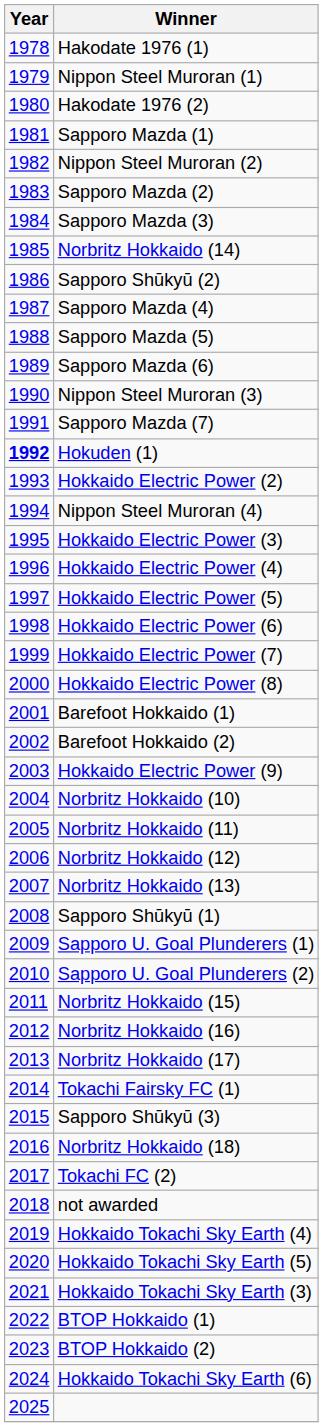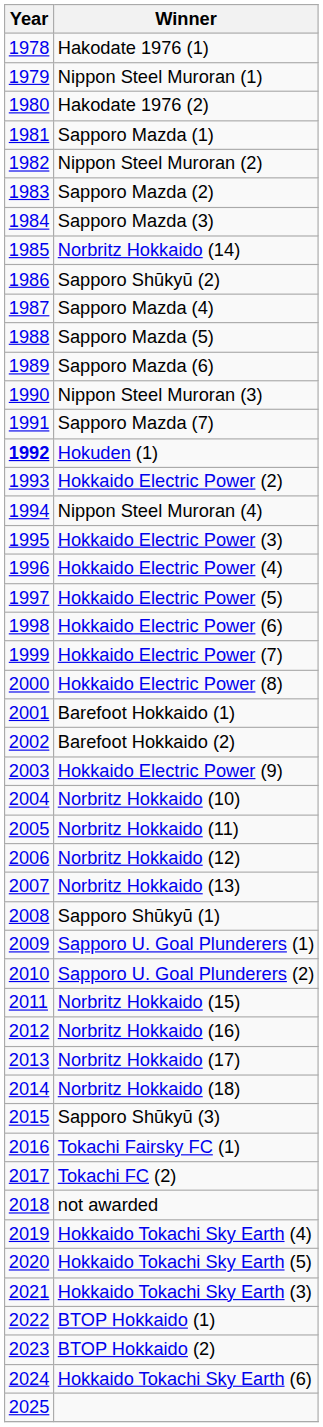 <table class="wikitable">
 <tr>
 <th>Year</th>
 <th>Winner</th>
 </tr>
 <tr>
 <td><a href='#'>1978</a></td>
 <td>Hakodate 1976 (1)</td>
 </tr>
 <tr>
 <td><a href='#'>1979</a></td>
 <td>Nippon Steel Muroran (1)</td>
 </tr>
 <tr>
 <td><a href='#'>1980</a></td>
 <td>Hakodate 1976 (2)</td>
 </tr>
 <tr>
 <td><a href='#'>1981</a></td>
 <td>Sapporo Mazda (1)</td>
 </tr>
 <tr>
 <td><a href='#'>1982</a></td>
 <td>Nippon Steel Muroran (2)</td>
 </tr>
 <tr>
 <td><a href='#'>1983</a></td>
 <td>Sapporo Mazda (2)</td>
 </tr>
 <tr>
 <td><a href='#'>1984</a></td>
 <td>Sapporo Mazda (3)</td>
 </tr>
 <tr>
 <td><a href='#'>1985</a></td>
 <td><a href='#'>Norbritz Hokkaido</a> (14)</td>
 </tr>
 <tr>
 <td><a href='#'>1986</a></td>
 <td>Sapporo Shūkyū (2)</td>
 </tr>
 <tr>
 <td><a href='#'>1987</a></td>
 <td>Sapporo Mazda (4)</td>
 </tr>
 <tr>
 <td><a href='#'>1988</a></td>
 <td>Sapporo Mazda (5)</td>
 </tr>
 <tr>
 <td><a href='#'>1989</a></td>
 <td>Sapporo Mazda (6)</td>
 </tr>
 <tr>
 <td><a href='#'>1990</a></td>
 <td>Nippon Steel Muroran (3)</td>
 </tr>
 <tr>
 <td><a href='#'>1991</a></td>
 <td>Sapporo Mazda (7)</td>
 </tr>
 <tr>
 <td><strong><a href='#'>1992</a></strong></td>
 <td><a href='#'>Hokuden</a> (1)</td>
 </tr>
 <tr>
 <td><a href='#'>1993</a></td>
 <td><a href='#'>Hokkaido Electric Power</a> (2)</td>
 </tr>
 <tr>
 <td><a href='#'>1994</a></td>
 <td>Nippon Steel Muroran (4)</td>
 </tr>
 <tr>
 <td><a href='#'>1995</a></td>
 <td><a href='#'>Hokkaido Electric Power</a> (3)</td>
 </tr>
 <tr>
 <td><a href='#'>1996</a></td>
 <td><a href='#'>Hokkaido Electric Power</a> (4)</td>
 </tr>
 <tr>
 <td><a href='#'>1997</a></td>
 <td><a href='#'>Hokkaido Electric Power</a> (5)</td>
 </tr>
 <tr>
 <td><a href='#'>1998</a></td>
 <td><a href='#'>Hokkaido Electric Power</a> (6)</td>
 </tr>
 <tr>
 <td><a href='#'>1999</a></td>
 <td><a href='#'>Hokkaido Electric Power</a> (7)</td>
 </tr>
 <tr>
 <td><a href='#'>2000</a></td>
 <td><a href='#'>Hokkaido Electric Power</a> (8)</td>
 </tr>
 <tr>
 <td><a href='#'>2001</a></td>
 <td>Barefoot Hokkaido (1)</td>
 </tr>
 <tr>
 <td><a href='#'>2002</a></td>
 <td>Barefoot Hokkaido (2)</td>
 </tr>
 <tr>
 <td><a href='#'>2003</a></td>
 <td><a href='#'>Hokkaido Electric Power</a> (9)</td>
 </tr>
 <tr>
 <td><a href='#'>2004</a></td>
 <td><a href='#'>Norbritz Hokkaido</a> (10)</td>
 </tr>
 <tr>
 <td><a href='#'>2005</a></td>
 <td><a href='#'>Norbritz Hokkaido</a> (11)</td>
 </tr>
 <tr>
 <td><a href='#'>2006</a></td>
 <td><a href='#'>Norbritz Hokkaido</a> (12)</td>
 </tr>
 <tr>
 <td><a href='#'>2007</a></td>
 <td><a href='#'>Norbritz Hokkaido</a> (13)</td>
 </tr>
 <tr>
 <td><a href='#'>2008</a></td>
 <td>Sapporo Shūkyū (1)</td>
 </tr>
 <tr>
 <td><a href='#'>2009</a></td>
 <td><a href='#'>Sapporo U. Goal Plunderers</a> (1)</td>
 </tr>
 <tr>
 <td><a href='#'>2010</a></td>
 <td><a href='#'>Sapporo U. Goal Plunderers</a> (2)</td>
 </tr>
 <tr>
 <td><a href='#'>2011</a></td>
 <td><a href='#'>Norbritz Hokkaido</a> (15)</td>
 </tr>
 <tr>
 <td><a href='#'>2012</a></td>
 <td><a href='#'>Norbritz Hokkaido</a> (16)</td>
 </tr>
 <tr>
 <td><a href='#'>2013</a></td>
 <td><a href='#'>Norbritz Hokkaido</a> (17)</td>
 </tr>
 <tr>
 <td><a href='#'>2014</a></td>
-<td><a href='#'>Tokachi Fairsky FC</a> (1)</td>
+<td><a href='#'>Norbritz Hokkaido</a> (18)</td>
 </tr>
 <tr>
 <td><a href='#'>2015</a></td>
 <td>Sapporo Shūkyū (3)</td>
 </tr>
 <tr>
 <td><a href='#'>2016</a></td>
-<td><a href='#'>Norbritz Hokkaido</a> (18)</td>
+<td><a href='#'>Tokachi Fairsky FC</a> (1)</td>
 </tr>
 <tr>
 <td><a href='#'>2017</a></td>
 <td><a href='#'>Tokachi FC</a> (2)</td>
 </tr>
 <tr>
 <td><a href='#'>2018</a></td>
 <td>not awarded</td>
 </tr>
 <tr>
 <td><a href='#'>2019</a></td>
 <td><a href='#'>Hokkaido Tokachi Sky Earth</a> (4)</td>
 </tr>
 <tr>
 <td><a href='#'>2020</a></td>
 <td><a href='#'>Hokkaido Tokachi Sky Earth</a> (5)</td>
 </tr>
 <tr>
 <td><a href='#'>2021</a></td>
 <td><a href='#'>Hokkaido Tokachi Sky Earth</a> (3)</td>
 </tr>
 <tr>
 <td><a href='#'>2022</a></td>
 <td><a href='#'>BTOP Hokkaido</a> (1)</td>
 </tr>
 <tr>
 <td><a href='#'>2023</a></td>
 <td><a href='#'>BTOP Hokkaido</a> (2)</td>
 </tr>
 <tr>
 <td><a href='#'>2024</a></td>
 <td><a href='#'>Hokkaido Tokachi Sky Earth</a> (6)</td>
 </tr>
 <tr>
 <td><a href='#'>2025</a></td>
 <td></td>
 </tr>
 <tr>
 </tr>
 </table>
